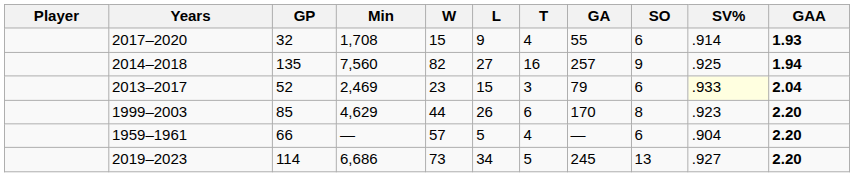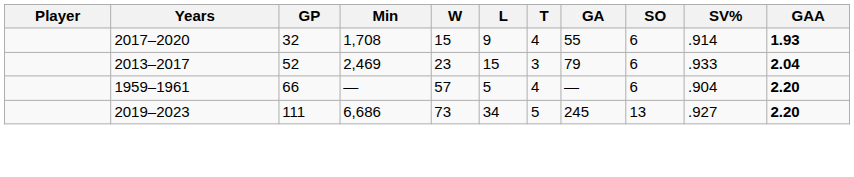 <table class="wikitable sortable" width = 900>
 <tr>
 <th>Player</th>
 <th>Years</th>
 <th>GP</th>
 <th>Min</th>
 <th>W</th>
 <th>L</th>
 <th>T</th>
 <th>GA</th>
 <th>SO</th>
 <th>SV%</th>
 <th>GAA</th>
 </tr>
 <tr>
 <td></td>
 <td>2017–2020</td>
 <td>32</td>
 <td>1,708</td>
 <td>15</td>
 <td>9</td>
 <td>4</td>
 <td>55</td>
 <td>6</td>
 <td>.914</td>
 <td><strong>1.93</strong></td>
 </tr>
 <tr>
 <td></td>
-<td>2014–2018</td>
-<td>135</td>
-<td>7,560</td>
-<td>82</td>
-<td>27</td>
-<td>16</td>
-<td>257</td>
-<td>9</td>
-<td>.925</td>
-<td><strong>1.94</strong></td>
-</tr>
-<tr>
-<td></td>
 <td>2013–2017</td>
 <td>52</td>
 <td>2,469</td>
 <td>23</td>
 <td>15</td>
 <td>3</td>
 <td>79</td>
 <td>6</td>
-<td style="background: lightyellow;">.933</td>
+<td>.933</td>
 <td><strong>2.04</strong></td>
-</tr>
-<tr>
-<td></td>
-<td>1999–2003</td>
-<td>85</td>
-<td>4,629</td>
-<td>44</td>
-<td>26</td>
-<td>6</td>
-<td>170</td>
-<td>8</td>
-<td>.923</td>
-<td><strong>2.20</strong></td>
 </tr>
 <tr>
 <td></td>
 <td>1959–1961</td>
 <td>66</td>
 <td>—</td>
 <td>57</td>
 <td>5</td>
 <td>4</td>
 <td>—</td>
 <td>6</td>
 <td>.904</td>
 <td><strong>2.20</strong></td>
 </tr>
 <tr>
 <td></td>
 <td>2019–2023</td>
-<td>114</td>
+<td>111</td>
 <td>6,686</td>
 <td>73</td>
 <td>34</td>
 <td>5</td>
 <td>245</td>
 <td>13</td>
 <td>.927</td>
 <td><strong>2.20</strong></td>
 </tr>
 </table>
